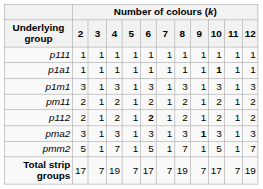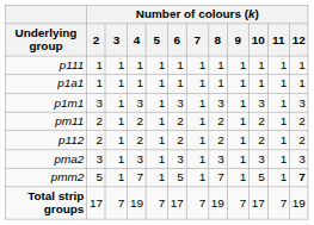 <table class="wikitable" style=text-align:right>
 <tr>
 <th> </th>
 <th colspan=11>Number of colours (<em>k</em>)</th>
 </tr>
 <tr>
 <th>Underlying<br>group</th>
 <th>2</th>
 <th>3</th>
 <th>4</th>
 <th>5</th>
 <th>6</th>
 <th>7</th>
 <th>8</th>
 <th>9</th>
 <th>10</th>
 <th>11</th>
 <th>12</th>
 </tr>
 <tr>
 <td><em>p111</em></td>
 <td>1</td>
 <td>1</td>
 <td>1</td>
 <td>1</td>
 <td>1</td>
 <td>1</td>
 <td>1</td>
 <td>1</td>
 <td>1</td>
 <td>1</td>
 <td>1</td>
 </tr>
 <tr>
 <td><em>p1a1</em></td>
 <td>1</td>
 <td>1</td>
 <td>1</td>
 <td>1</td>
 <td>1</td>
 <td>1</td>
 <td>1</td>
 <td>1</td>
-<td><strong>1</strong></td>
+<td>1</td>
 <td>1</td>
 <td>1</td>
 </tr>
 <tr>
 <td><em>p1m1</em></td>
 <td>3</td>
 <td>1</td>
 <td>3</td>
 <td>1</td>
 <td>3</td>
 <td>1</td>
 <td>3</td>
 <td>1</td>
 <td>3</td>
 <td>1</td>
 <td>3</td>
 </tr>
 <tr>
 <td><em>pm11</em></td>
 <td>2</td>
 <td>1</td>
 <td>2</td>
 <td>1</td>
 <td>2</td>
 <td>1</td>
 <td>2</td>
 <td>1</td>
 <td>2</td>
 <td>1</td>
 <td>2</td>
 </tr>
 <tr>
 <td><em>p112</em></td>
 <td>2</td>
 <td>1</td>
 <td>2</td>
 <td>1</td>
-<td><strong>2</strong></td>
+<td>2</td>
 <td>1</td>
 <td>2</td>
 <td>1</td>
 <td>2</td>
 <td>1</td>
 <td>2</td>
 </tr>
 <tr>
 <td><em>pma2</em></td>
 <td>3</td>
 <td>1</td>
 <td>3</td>
 <td>1</td>
 <td>3</td>
 <td>1</td>
 <td>3</td>
-<td><strong>1</strong></td>
+<td>1</td>
 <td>3</td>
 <td>1</td>
 <td>3</td>
 </tr>
 <tr>
 <td><em>pmm2</em></td>
 <td>5</td>
 <td>1</td>
 <td>7</td>
 <td>1</td>
 <td>5</td>
 <td>1</td>
 <td>7</td>
 <td>1</td>
 <td>5</td>
 <td>1</td>
-<td>7</td>
+<td><strong>7</strong></td>
 </tr>
 <tr>
 <td>      <strong>Total strip<br> groups</strong></td>
 <td>17</td>
 <td>   7</td>
 <td>19</td>
 <td>   7</td>
 <td>17</td>
 <td>   7</td>
 <td>19</td>
 <td>   7</td>
 <td>17</td>
 <td>   7</td>
 <td>19</td>
 </tr>
 </table>
